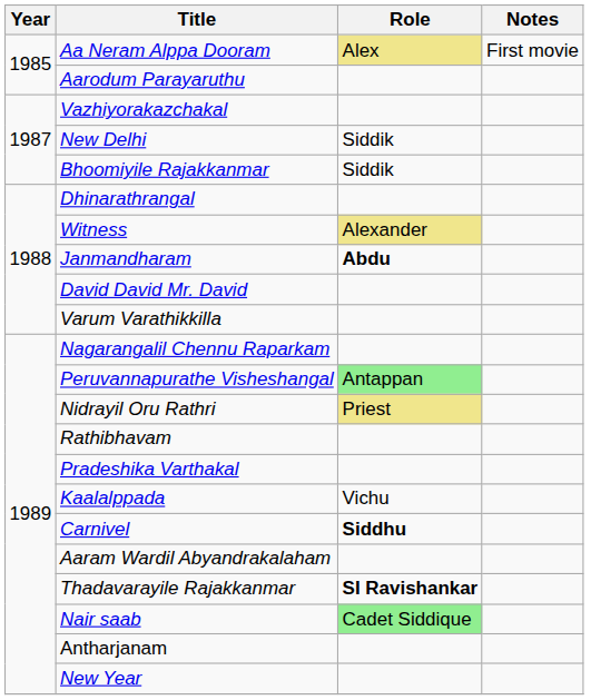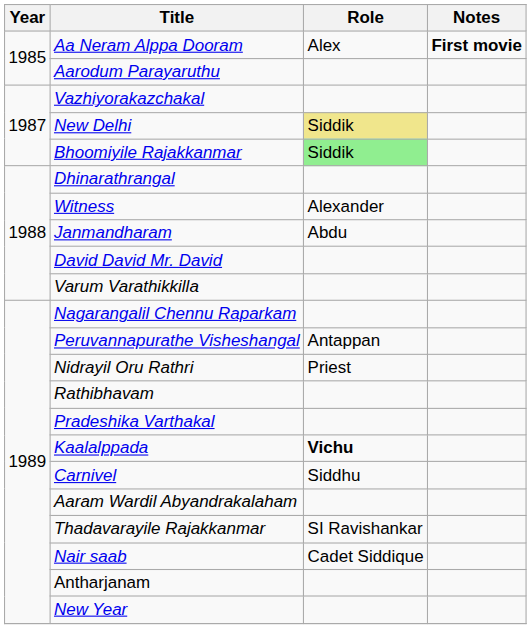 <table class="wikitable sortable">
 <tr>
 <th>Year</th>
 <th>Title</th>
 <th>Role</th>
 <th class="unsortable">Notes</th>
 </tr>
 <tr>
 <td rowspan="2">1985</td>
 <td><em><a href='#'>Aa Neram Alppa Dooram</a></em></td>
-<td style="background: khaki;">Alex</td>
-<td>First movie</td>
+<td>Alex</td>
+<td><strong>First movie</strong></td>
 </tr>
 <tr>
 <td><em><a href='#'>Aarodum Parayaruthu</a></em></td>
 <td></td>
 <td></td>
 </tr>
 <tr>
 <td rowspan="3">1987</td>
 <td><em><a href='#'>Vazhiyorakazchakal</a></em></td>
 <td></td>
 <td></td>
 </tr>
 <tr>
 <td><em><a href='#'>New Delhi</a></em></td>
-<td>Siddik</td>
+<td style="background: khaki;">Siddik</td>
 <td></td>
 </tr>
 <tr>
 <td><em><a href='#'>Bhoomiyile Rajakkanmar</a></em></td>
-<td>Siddik</td>
+<td style="background: lightgreen;">Siddik</td>
 <td></td>
 </tr>
 <tr>
 <td rowspan="5">1988</td>
 <td><em><a href='#'>Dhinarathrangal</a></em></td>
 <td></td>
 <td></td>
 </tr>
 <tr>
 <td><em><a href='#'>Witness</a></em></td>
-<td style="background: khaki;">Alexander</td>
+<td>Alexander</td>
 <td></td>
 </tr>
 <tr>
 <td><em><a href='#'>Janmandharam</a></em></td>
-<td><strong>Abdu</strong></td>
+<td>Abdu</td>
 <td></td>
 </tr>
 <tr>
 <td><em><a href='#'>David David Mr. David</a></em></td>
 <td></td>
 <td></td>
 </tr>
 <tr>
 <td><em>Varum Varathikkilla</em></td>
 <td></td>
 <td></td>
 </tr>
 <tr>
 <td rowspan="12">1989</td>
 <td><em><a href='#'>Nagarangalil Chennu Raparkam</a></em></td>
 <td></td>
 <td></td>
 </tr>
 <tr>
 <td><em><a href='#'>Peruvannapurathe Visheshangal</a></em></td>
-<td style="background: lightgreen;">Antappan</td>
+<td>Antappan</td>
 <td></td>
 </tr>
 <tr>
 <td><em>Nidrayil Oru Rathri</em></td>
-<td style="background: khaki;">Priest</td>
+<td>Priest</td>
 <td></td>
 </tr>
 <tr>
 <td><em>Rathibhavam</em></td>
 <td></td>
 <td></td>
 </tr>
 <tr>
 <td><em><a href='#'>Pradeshika Varthakal</a></em></td>
 <td></td>
 <td></td>
 </tr>
 <tr>
 <td><em><a href='#'>Kaalalppada</a></em></td>
-<td>Vichu</td>
+<td><strong>Vichu</strong></td>
 <td></td>
 </tr>
 <tr>
 <td><em><a href='#'>Carnivel</a></em></td>
-<td><strong>Siddhu</strong></td>
+<td>Siddhu</td>
 <td></td>
 </tr>
 <tr>
 <td><em>Aaram Wardil Abyandrakalaham</em></td>
 <td></td>
 <td></td>
 </tr>
 <tr>
 <td><em>Thadavarayile Rajakkanmar</em></td>
-<td><strong>SI Ravishankar</strong></td>
+<td>SI Ravishankar</td>
 <td></td>
 </tr>
 <tr>
 <td><em><a href='#'>Nair saab</a></em></td>
-<td style="background: lightgreen;">Cadet Siddique</td>
+<td>Cadet Siddique</td>
 <td></td>
 </tr>
 <tr>
 <td>Antharjanam</td>
 <td></td>
 <td></td>
 </tr>
 <tr>
 <td><em><a href='#'>New Year</a></em></td>
 <td></td>
 <td></td>
 </tr>
 <tr>
 </tr>
 </table>
